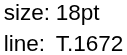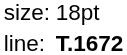 <table style="margin-left:40px;">
 <tr>
 <td>size:</td>
 <td>18pt</td>
 </tr>
 <tr>
 <td>line:</td>
-<td>T.1672</td>
+<td><strong>T.1672</strong></td>
 </tr>
 </table>
